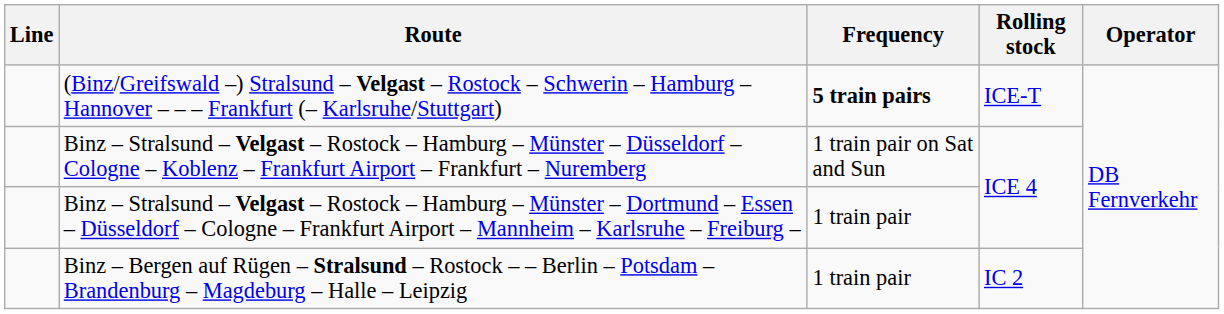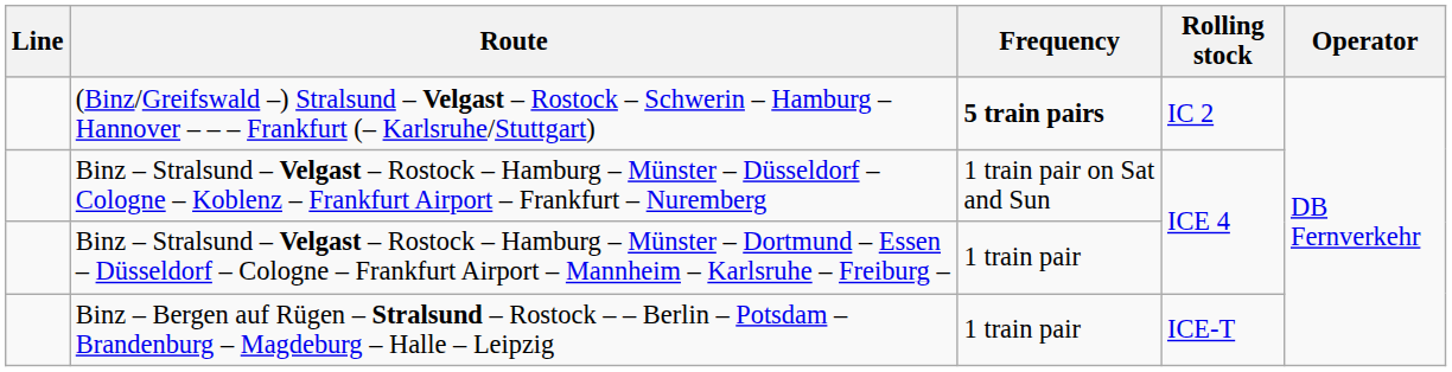 <table class="wikitable">
 <tr>
 <th>Line</th>
 <th>Route</th>
 <th>Frequency</th>
 <th>Rolling stock</th>
 <th>Operator</th>
 </tr>
 <tr>
 <td></td>
 <td>(<a href='#'>Binz</a>/<a href='#'>Greifswald</a> –) <a href='#'>Stralsund</a> – <strong>Velgast</strong> – <a href='#'>Rostock</a> – <a href='#'>Schwerin</a> – <a href='#'>Hamburg</a> – <a href='#'>Hannover</a> –  –  – <a href='#'>Frankfurt</a> (– <a href='#'>Karlsruhe</a>/<a href='#'>Stuttgart</a>)</td>
 <td><strong>5 train pairs</strong></td>
-<td><a href='#'>ICE-T</a></td>
+<td><a href='#'>IC 2</a></td>
 <td rowspan="4"><a href='#'>DB Fernverkehr</a></td>
 </tr>
 <tr>
 <td></td>
 <td>Binz – Stralsund – <strong>Velgast</strong> – Rostock – Hamburg – <a href='#'>Münster</a> – <a href='#'>Düsseldorf</a> – <a href='#'>Cologne</a> – <a href='#'>Koblenz</a> – <a href='#'>Frankfurt Airport</a> – Frankfurt – <a href='#'>Nuremberg</a></td>
 <td>1 train pair on Sat and Sun</td>
 <td rowspan="2"><a href='#'>ICE 4</a></td>
 </tr>
 <tr>
 <td></td>
 <td>Binz – Stralsund – <strong>Velgast</strong> – Rostock – Hamburg – <a href='#'>Münster</a> – <a href='#'>Dortmund</a> – <a href='#'>Essen</a> – <a href='#'>Düsseldorf</a> – Cologne – Frankfurt Airport – <a href='#'>Mannheim</a> – <a href='#'>Karlsruhe</a> – <a href='#'>Freiburg</a> – </td>
 <td>1 train pair</td>
 </tr>
 <tr>
 <td></td>
 <td>Binz – Bergen auf Rügen – <strong>Stralsund</strong> – Rostock –  – Berlin – <a href='#'>Potsdam</a> – <a href='#'>Brandenburg</a> – <a href='#'>Magdeburg</a> – Halle – Leipzig</td>
 <td>1 train pair</td>
-<td><a href='#'>IC 2</a></td>
+<td><a href='#'>ICE-T</a></td>
 </tr>
 </table>
